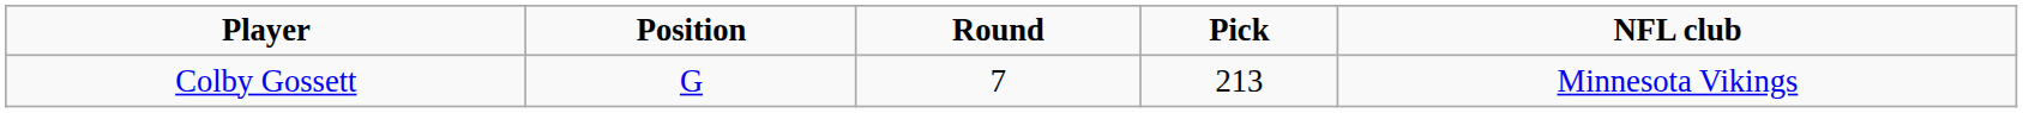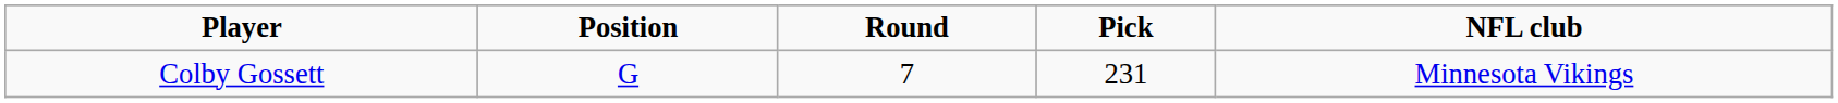 <table class="wikitable" width="80%">
 <tr align="center">
 <td><strong>Player</strong></td>
 <td><strong>Position</strong></td>
 <td><strong>Round</strong></td>
 <td><strong>Pick</strong></td>
 <td><strong>NFL club</strong></td>
 </tr>
 <tr align="center" bgcolor="">
 <td><a href='#'>Colby Gossett</a></td>
 <td><a href='#'>G</a></td>
 <td>7</td>
-<td>213</td>
+<td>231</td>
 <td><a href='#'>Minnesota Vikings</a></td>
 </tr>
 </table>
